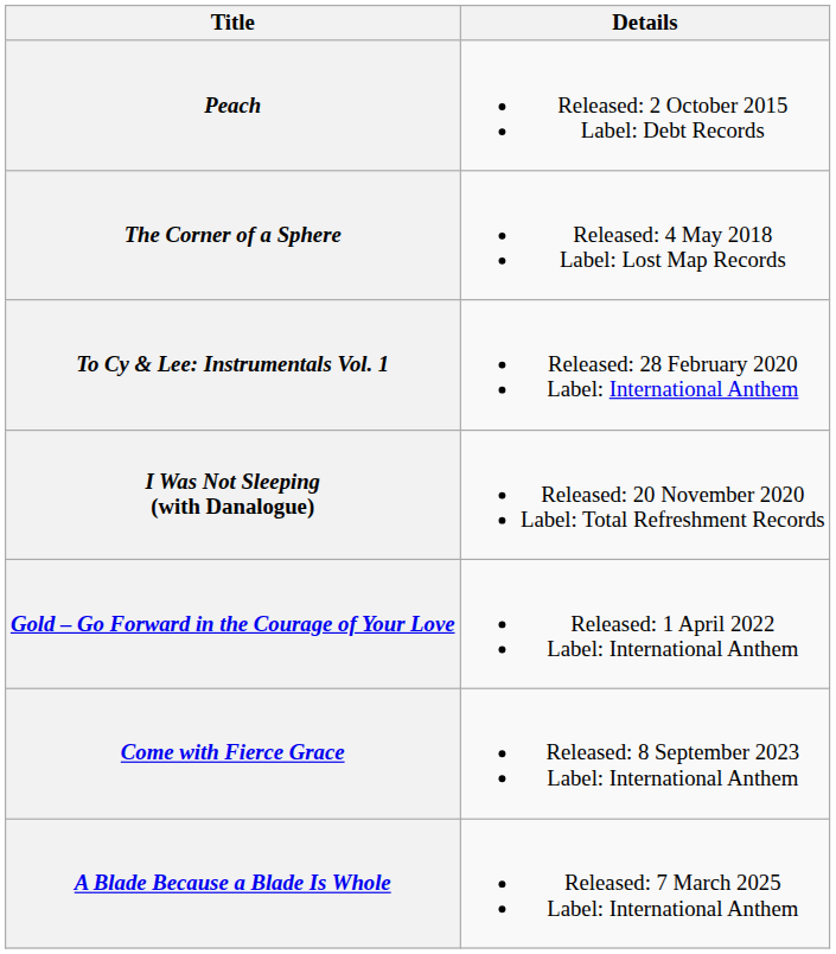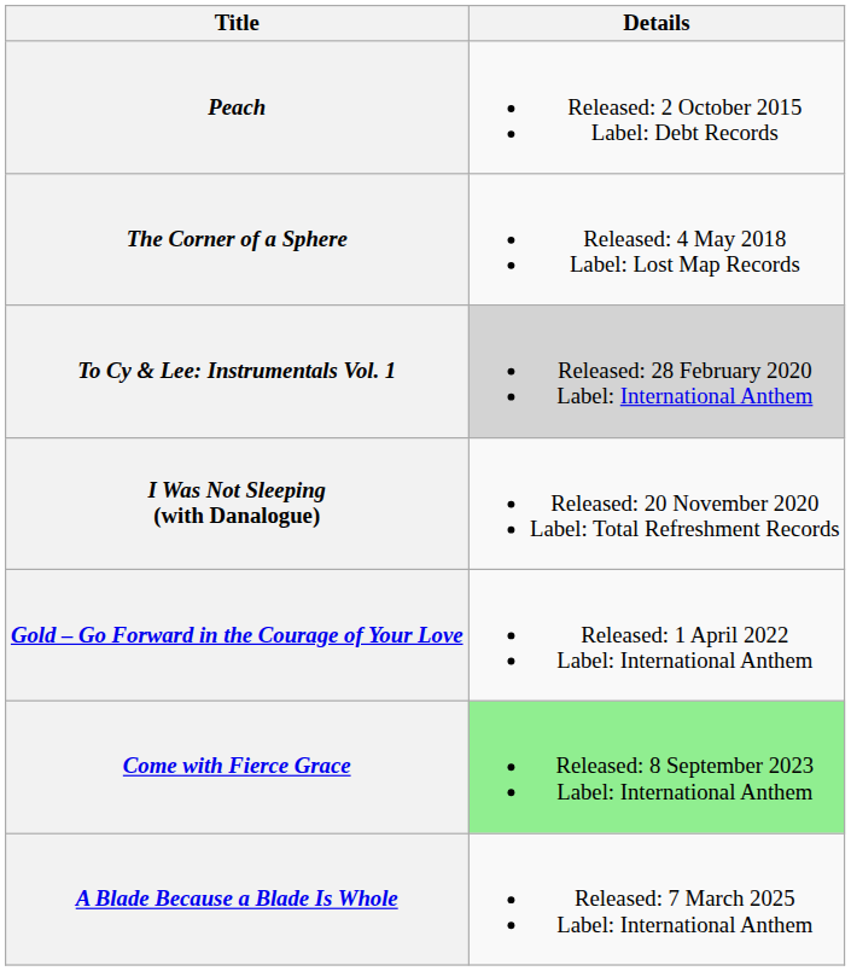 <table class="wikitable plainrowheaders" style="text-align:center;">
 <tr>
 <th>Title</th>
 <th>Details</th>
 </tr>
 <tr>
 <th scope="row"><em>Peach</em></th>
 <td><br><ul><li>Released: 2 October 2015</li><li>Label: Debt Records</li></ul></td>
 </tr>
 <tr>
 <th scope="row"><em>The Corner of a Sphere</em></th>
 <td><br><ul><li>Released: 4 May 2018</li><li>Label: Lost Map Records</li></ul></td>
 </tr>
 <tr>
 <th scope="row"><em>To Cy & Lee: Instrumentals Vol. 1</em></th>
-<td><br><ul><li>Released: 28 February 2020</li><li>Label: <a href='#'>International Anthem</a></li></ul></td>
+<td style="background: lightgrey;"><br><ul><li>Released: 28 February 2020</li><li>Label: <a href='#'>International Anthem</a></li></ul></td>
 </tr>
 <tr>
 <th scope="row"><em>I Was Not Sleeping</em><br><span>(with Danalogue)</span></th>
 <td><br><ul><li>Released: 20 November 2020</li><li>Label: Total Refreshment Records</li></ul></td>
 </tr>
 <tr>
 <th scope="row"><em><a href='#'>Gold – Go Forward in the Courage of Your Love</a></em></th>
 <td><br><ul><li>Released: 1 April 2022</li><li>Label: International Anthem</li></ul></td>
 </tr>
 <tr>
 <th scope="row"><em><a href='#'>Come with Fierce Grace</a></em></th>
-<td><br><ul><li>Released: 8 September 2023</li><li>Label: International Anthem</li></ul></td>
+<td style="background: lightgreen;"><br><ul><li>Released: 8 September 2023</li><li>Label: International Anthem</li></ul></td>
 </tr>
 <tr>
 <th scope="row"><em><a href='#'>A Blade Because a Blade Is Whole</a></em></th>
 <td><br><ul><li>Released: 7 March 2025</li><li>Label: International Anthem</li></ul></td>
 </tr>
 </table>
